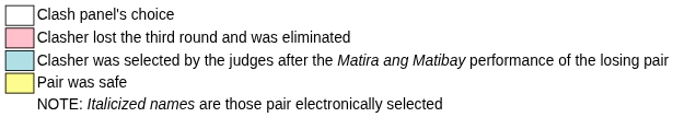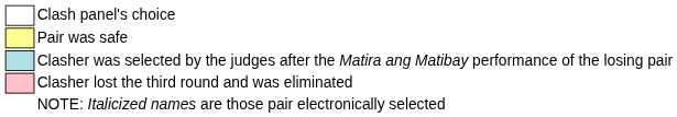 <table class="toccolours" style="white-space: nowrap;">
 <tr>
 <td style="background:white; border: 1px solid black;"> <strong></strong> </td>
 <td>Clash panel's choice</td>
 </tr>
 <tr>
-<td style="background:pink; border:1px solid black;">      </td>
-<td>Clasher lost the third round and was eliminated</td>
+<td style="background:#fdfc8f; border: 1px solid black">    </td>
+<td>Pair was safe</td>
 </tr>
 <tr>
 <td style="background:#b0e0e6; border:1px solid black;">      </td>
 <td>Clasher was selected by the judges after the <em>Matira ang Matibay</em> performance of the losing pair</td>
 </tr>
 <tr>
-<td style="background:#fdfc8f; border: 1px solid black">    </td>
-<td>Pair was safe</td>
+<td style="background:pink; border:1px solid black;">      </td>
+<td>Clasher lost the third round and was eliminated</td>
 </tr>
 <tr>
 <td style="background:none; border: 0px solid black">    </td>
 <td>NOTE: <em>Italicized names</em> are those pair electronically selected</td>
 </tr>
 </table>
